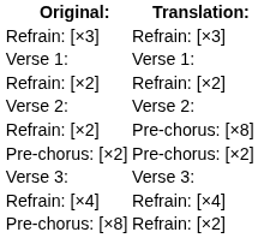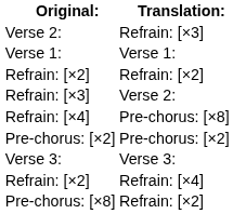 <table style="vertical-align:top">
 <tr>
 <th style="width:50%; padding-left: 1em">Original:</th>
 <th style="width:50%; padding-left: 1em">Translation:</th>
 </tr>
 <tr>
-<td>Refrain: [×3]<br></td>
+<td>Verse 2:<br></td>
 <td>Refrain: [×3]<br></td>
 </tr>
 <tr>
 <td>Verse 1:<br></td>
 <td>Verse 1:<br></td>
 </tr>
 <tr>
 <td>Refrain: [×2]<br></td>
 <td>Refrain: [×2]<br></td>
 </tr>
 <tr>
-<td>Verse 2:<br></td>
+<td>Refrain: [×3]<br></td>
 <td>Verse 2:<br></td>
 </tr>
 <tr>
-<td>Refrain: [×2]<br></td>
+<td>Refrain: [×4]<br></td>
 <td>Pre-chorus: [×8]<br></td>
 </tr>
 <tr>
 <td>Pre-chorus: [×2]<br></td>
 <td>Pre-chorus: [×2]<br></td>
 </tr>
 <tr>
 <td>Verse 3:<br></td>
 <td>Verse 3:<br></td>
 </tr>
 <tr>
-<td>Refrain: [×4]<br></td>
+<td>Refrain: [×2]<br></td>
 <td>Refrain: [×4]<br></td>
 </tr>
 <tr>
 <td>Pre-chorus: [×8]<br></td>
 <td>Refrain: [×2]<br></td>
 </tr>
 </table>
